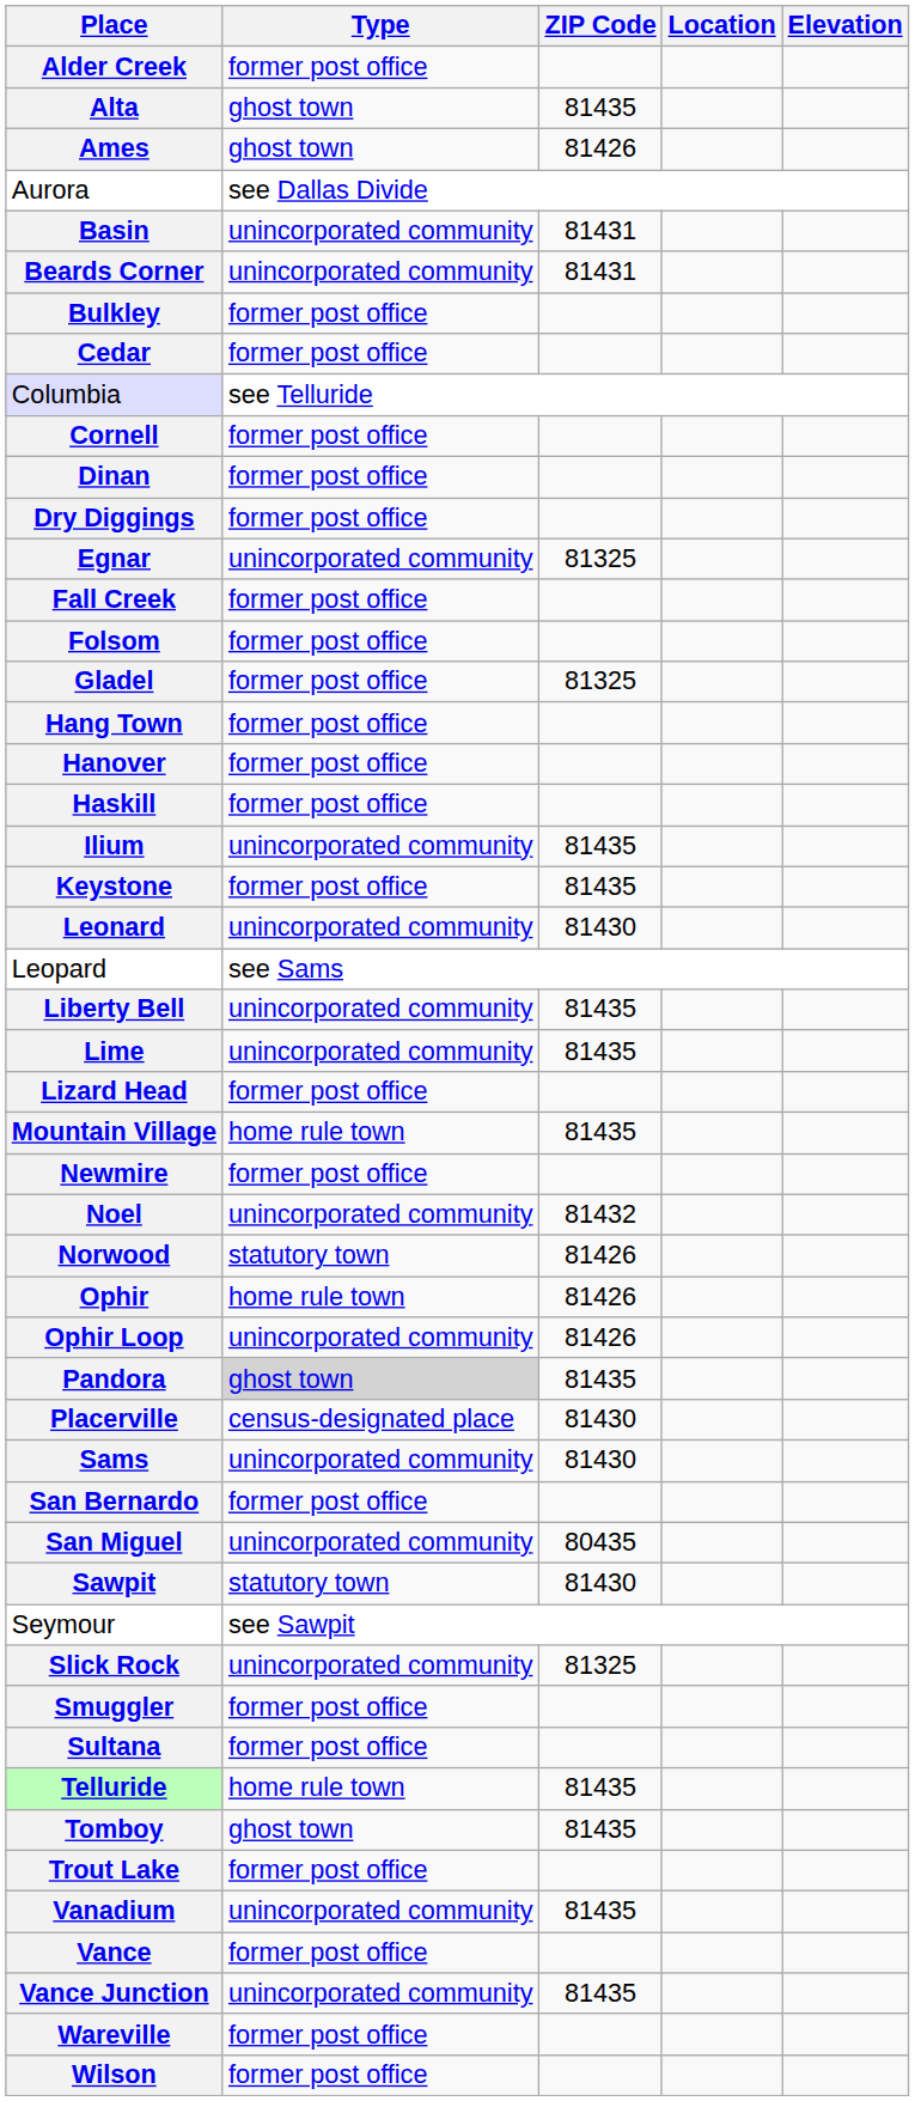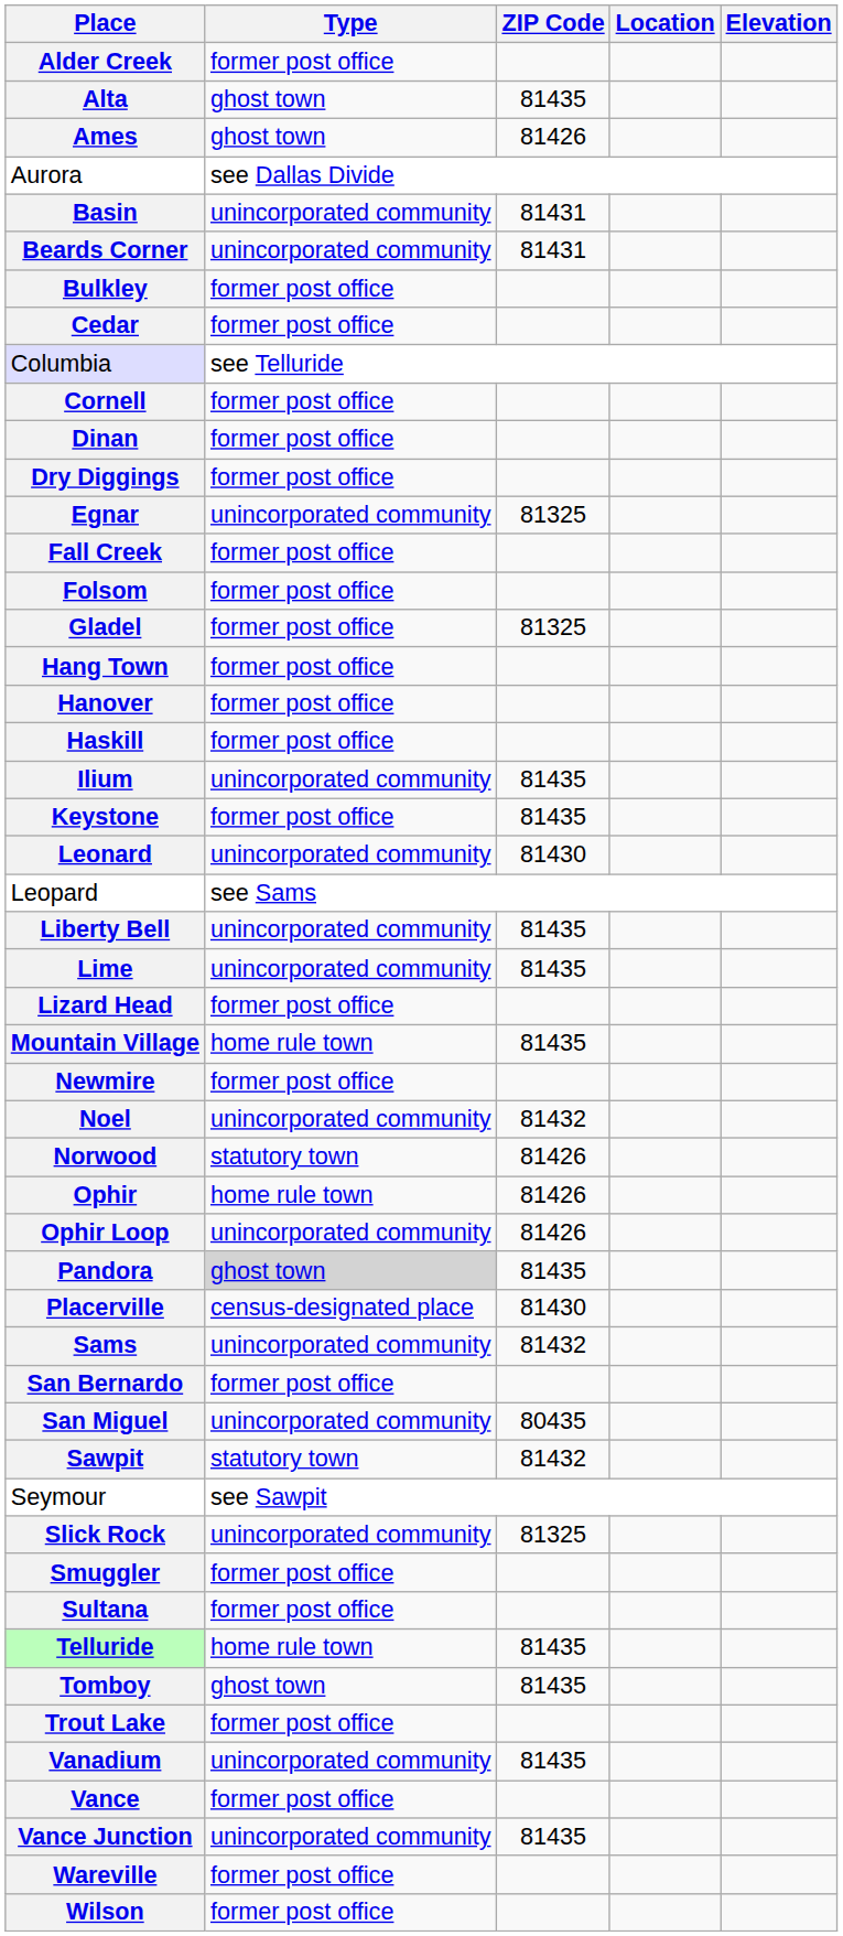 <table class="wikitable sortable  plainrowheaders" style="margin:auto;">
 <tr>
 <th scope=col><a href='#'>Place</a></th>
 <th scope=col><a href='#'>Type</a></th>
 <th scope=col><a href='#'>ZIP Code</a></th>
 <th scope=col><a href='#'>Location</a></th>
 <th scope=col><a href='#'>Elevation</a></th>
 </tr>
 <tr>
 <th scope=row><a href='#'>Alder Creek</a></th>
 <td><a href='#'>former post office</a></td>
 <td align=center></td>
 <td></td>
 <td></td>
 </tr>
 <tr>
 <th scope=row><a href='#'>Alta</a></th>
 <td><a href='#'>ghost town</a></td>
 <td align=center>81435</td>
 <td></td>
 <td align=right></td>
 </tr>
 <tr>
 <th scope=row><a href='#'>Ames</a></th>
 <td><a href='#'>ghost town</a></td>
 <td align=center>81426</td>
 <td></td>
 <td align=right></td>
 </tr>
 <tr bgcolor=white>
 <td>Aurora</td>
 <td colspan=4>see <a href='#'>Dallas Divide</a></td>
 </tr>
 <tr>
 <th scope=row><a href='#'>Basin</a></th>
 <td><a href='#'>unincorporated community</a></td>
 <td align=center>81431</td>
 <td></td>
 <td align=right></td>
 </tr>
 <tr>
 <th scope=row><a href='#'>Beards Corner</a></th>
 <td><a href='#'>unincorporated community</a></td>
 <td align=center>81431</td>
 <td></td>
 <td align=right></td>
 </tr>
 <tr>
 <th scope=row><a href='#'>Bulkley</a></th>
 <td><a href='#'>former post office</a></td>
 <td align=center></td>
 <td></td>
 <td></td>
 </tr>
 <tr>
 <th scope=row><a href='#'>Cedar</a></th>
 <td><a href='#'>former post office</a></td>
 <td align=center></td>
 <td></td>
 <td></td>
 </tr>
 <tr bgcolor=white>
 <td style="background:#DDDDFF;">Columbia</td>
 <td colspan=4>see <a href='#'>Telluride</a></td>
 </tr>
 <tr>
 <th scope=row><a href='#'>Cornell</a></th>
 <td><a href='#'>former post office</a></td>
 <td align=center></td>
 <td></td>
 <td></td>
 </tr>
 <tr>
 <th scope=row><a href='#'>Dinan</a></th>
 <td><a href='#'>former post office</a></td>
 <td align=center></td>
 <td></td>
 <td></td>
 </tr>
 <tr>
 <th scope=row><a href='#'>Dry Diggings</a></th>
 <td><a href='#'>former post office</a></td>
 <td align=center></td>
 <td></td>
 <td></td>
 </tr>
 <tr>
 <th scope=row><a href='#'>Egnar</a></th>
 <td><a href='#'>unincorporated community</a></td>
 <td align=center>81325</td>
 <td></td>
 <td align=right></td>
 </tr>
 <tr>
 <th scope=row><a href='#'>Fall Creek</a></th>
 <td><a href='#'>former post office</a></td>
 <td align=center></td>
 <td></td>
 <td></td>
 </tr>
 <tr>
 <th scope=row><a href='#'>Folsom</a></th>
 <td><a href='#'>former post office</a></td>
 <td align=center></td>
 <td></td>
 <td></td>
 </tr>
 <tr>
 <th scope=row><a href='#'>Gladel</a></th>
 <td><a href='#'>former post office</a></td>
 <td align=center>81325</td>
 <td></td>
 <td></td>
 </tr>
 <tr>
 <th scope=row><a href='#'>Hang Town</a></th>
 <td><a href='#'>former post office</a></td>
 <td align=center></td>
 <td></td>
 <td></td>
 </tr>
 <tr>
 <th scope=row><a href='#'>Hanover</a></th>
 <td><a href='#'>former post office</a></td>
 <td align=center></td>
 <td></td>
 <td></td>
 </tr>
 <tr>
 <th scope=row><a href='#'>Haskill</a></th>
 <td><a href='#'>former post office</a></td>
 <td align=center></td>
 <td></td>
 <td></td>
 </tr>
 <tr>
 <th scope=row><a href='#'>Ilium</a></th>
 <td><a href='#'>unincorporated community</a></td>
 <td align=center>81435</td>
 <td></td>
 <td align=right></td>
 </tr>
 <tr>
 <th scope=row><a href='#'>Keystone</a></th>
 <td><a href='#'>former post office</a></td>
 <td align=center>81435</td>
 <td></td>
 <td align=right></td>
 </tr>
 <tr>
 <th scope=row><a href='#'>Leonard</a></th>
 <td><a href='#'>unincorporated community</a></td>
 <td align=center>81430</td>
 <td></td>
 <td align=right></td>
 </tr>
 <tr bgcolor=white>
 <td>Leopard</td>
 <td colspan=4>see <a href='#'>Sams</a></td>
 </tr>
 <tr>
 <th scope=row><a href='#'>Liberty Bell</a></th>
 <td><a href='#'>unincorporated community</a></td>
 <td align=center>81435</td>
 <td></td>
 <td align=right></td>
 </tr>
 <tr>
 <th scope=row><a href='#'>Lime</a></th>
 <td><a href='#'>unincorporated community</a></td>
 <td align=center>81435</td>
 <td></td>
 <td align=right></td>
 </tr>
 <tr>
 <th scope=row><a href='#'>Lizard Head</a></th>
 <td><a href='#'>former post office</a></td>
 <td align=center></td>
 <td></td>
 <td></td>
 </tr>
 <tr>
 <th scope=row><a href='#'>Mountain Village</a></th>
 <td><a href='#'>home rule town</a></td>
 <td align=center>81435</td>
 <td></td>
 <td align=right></td>
 </tr>
 <tr>
 <th scope=row><a href='#'>Newmire</a></th>
 <td><a href='#'>former post office</a></td>
 <td align=center></td>
 <td></td>
 <td></td>
 </tr>
 <tr>
 <th scope=row><a href='#'>Noel</a></th>
 <td><a href='#'>unincorporated community</a></td>
 <td align=center>81432</td>
 <td></td>
 <td align=right></td>
 </tr>
 <tr>
 <th scope=row><a href='#'>Norwood</a></th>
 <td><a href='#'>statutory town</a></td>
 <td align=center>81426</td>
 <td></td>
 <td align=right></td>
 </tr>
 <tr>
 <th scope=row><a href='#'>Ophir</a></th>
 <td><a href='#'>home rule town</a></td>
 <td align=center>81426</td>
 <td></td>
 <td align=right></td>
 </tr>
 <tr>
 <th scope=row><a href='#'>Ophir Loop</a></th>
 <td><a href='#'>unincorporated community</a></td>
 <td align=center>81426</td>
 <td></td>
 <td align=right></td>
 </tr>
 <tr>
 <th scope=row><a href='#'>Pandora</a></th>
 <td style="background: lightgrey;"><a href='#'>ghost town</a></td>
 <td align=center>81435</td>
 <td></td>
 <td align=right></td>
 </tr>
 <tr>
 <th scope=row><a href='#'>Placerville</a></th>
 <td><a href='#'>census-designated place</a></td>
 <td align=center>81430</td>
 <td></td>
 <td align=right></td>
 </tr>
 <tr>
 <th scope=row><a href='#'>Sams</a></th>
 <td><a href='#'>unincorporated community</a></td>
-<td align=center>81430</td>
+<td align=center>81432</td>
 <td></td>
 <td></td>
 </tr>
 <tr>
 <th scope=row><a href='#'>San Bernardo</a></th>
 <td><a href='#'>former post office</a></td>
 <td align=center></td>
 <td></td>
 <td></td>
 </tr>
 <tr>
 <th scope=row><a href='#'>San Miguel</a></th>
 <td><a href='#'>unincorporated community</a></td>
 <td align=center>80435</td>
 <td></td>
 <td align=right></td>
 </tr>
 <tr>
 <th scope=row><a href='#'>Sawpit</a></th>
 <td><a href='#'>statutory town</a></td>
-<td align=center>81430</td>
+<td align=center>81432</td>
 <td></td>
 <td align=right></td>
 </tr>
 <tr bgcolor=white>
 <td>Seymour</td>
 <td colspan=4>see <a href='#'>Sawpit</a></td>
 </tr>
 <tr>
 <th scope=row><a href='#'>Slick Rock</a></th>
 <td><a href='#'>unincorporated community</a></td>
 <td align=center>81325</td>
 <td></td>
 <td></td>
 </tr>
 <tr>
 <th scope=row><a href='#'>Smuggler</a></th>
 <td><a href='#'>former post office</a></td>
 <td align=center></td>
 <td></td>
 <td></td>
 </tr>
 <tr>
 <th scope=row><a href='#'>Sultana</a></th>
 <td><a href='#'>former post office</a></td>
 <td align=center></td>
 <td></td>
 <td></td>
 </tr>
 <tr>
 <th scope=row style="background:#BBFFBB;"><a href='#'>Telluride</a></th>
 <td><a href='#'>home rule town</a></td>
 <td align=center>81435</td>
 <td></td>
 <td align=right></td>
 </tr>
 <tr>
 <th scope=row><a href='#'>Tomboy</a></th>
 <td><a href='#'>ghost town</a></td>
 <td align=center>81435</td>
 <td></td>
 <td align=right></td>
 </tr>
 <tr>
 <th scope=row><a href='#'>Trout Lake</a></th>
 <td><a href='#'>former post office</a></td>
 <td align=center></td>
 <td></td>
 <td></td>
 </tr>
 <tr>
 <th scope=row><a href='#'>Vanadium</a></th>
 <td><a href='#'>unincorporated community</a></td>
 <td align=center>81435</td>
 <td></td>
 <td align=right></td>
 </tr>
 <tr>
 <th scope=row><a href='#'>Vance</a></th>
 <td><a href='#'>former post office</a></td>
 <td align=center></td>
 <td></td>
 <td></td>
 </tr>
 <tr>
 <th scope=row><a href='#'>Vance Junction</a></th>
 <td><a href='#'>unincorporated community</a></td>
 <td align=center>81435</td>
 <td></td>
 <td align=right></td>
 </tr>
 <tr>
 <th scope=row><a href='#'>Wareville</a></th>
 <td><a href='#'>former post office</a></td>
 <td align=center></td>
 <td></td>
 <td></td>
 </tr>
 <tr>
 <th scope=row><a href='#'>Wilson</a></th>
 <td><a href='#'>former post office</a></td>
 <td align=center></td>
 <td></td>
 <td></td>
 </tr>
 </table>
